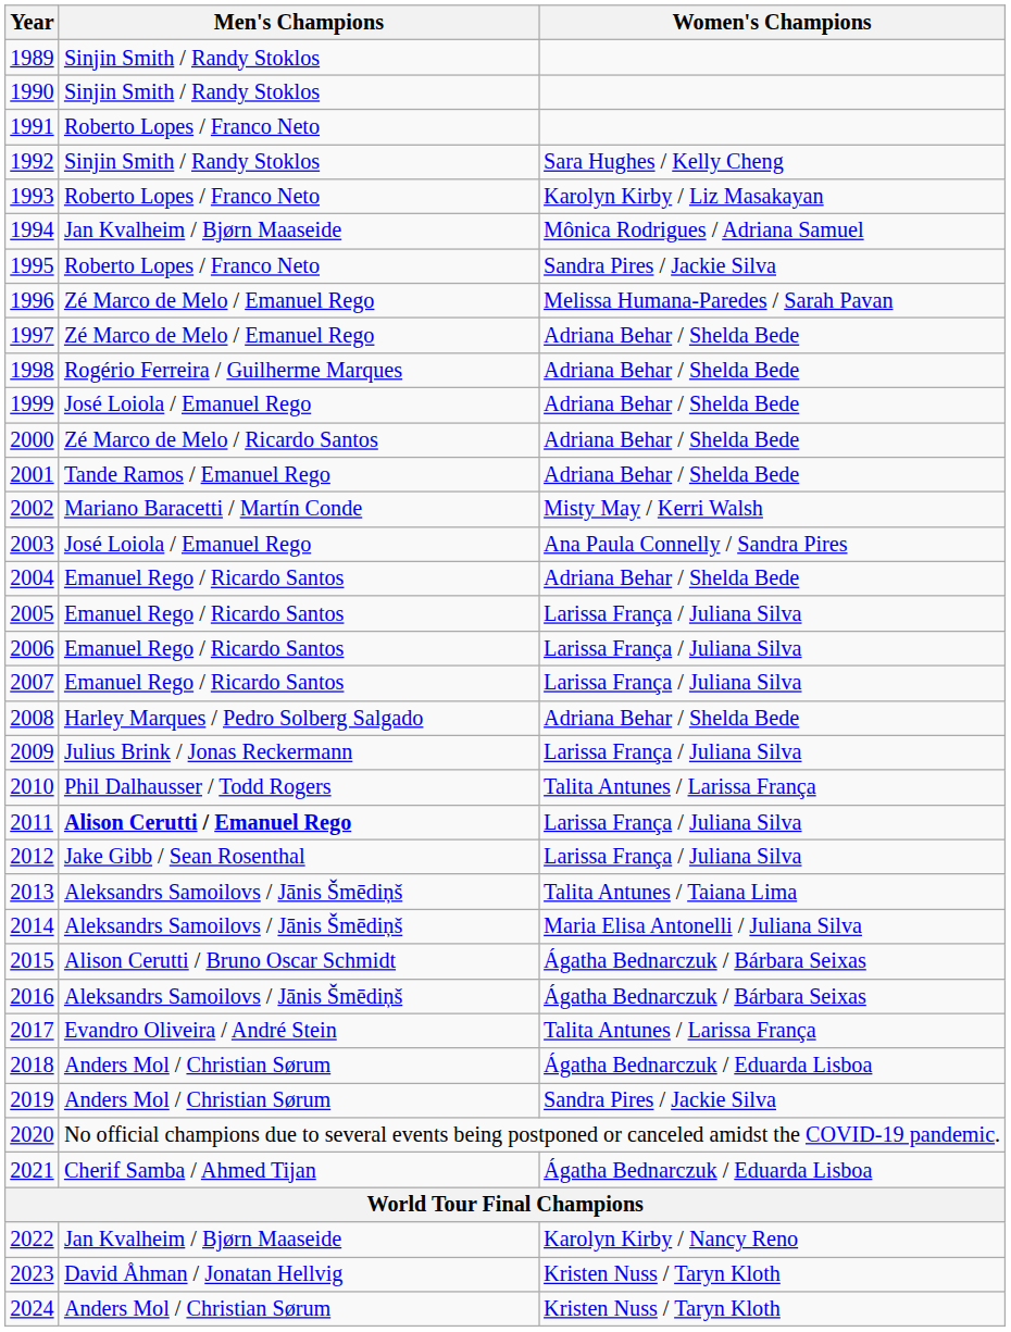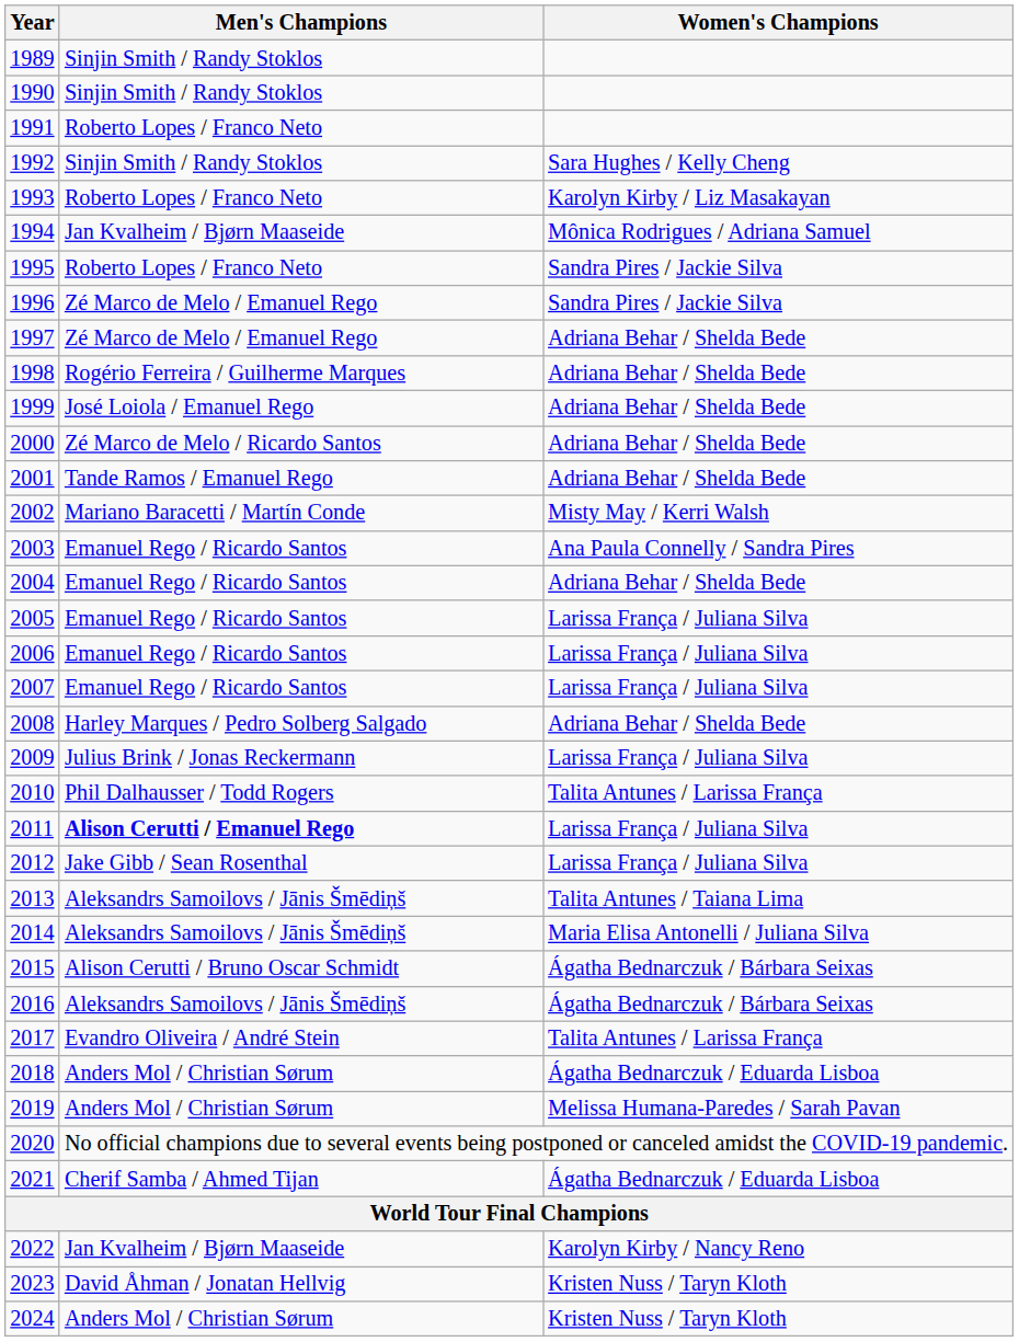 <table class="wikitable sortable" style="display:inline-table;">
 <tr>
 <th>Year</th>
 <th>Men's Champions</th>
 <th>Women's Champions</th>
 </tr>
 <tr>
 <td><a href='#'>1989</a></td>
 <td> <a href='#'>Sinjin Smith</a>  / <a href='#'>Randy Stoklos</a> </td>
 <td></td>
 </tr>
 <tr>
 <td><a href='#'>1990</a></td>
 <td> <a href='#'>Sinjin Smith</a>  / <a href='#'>Randy Stoklos</a> </td>
 <td></td>
 </tr>
 <tr>
 <td><a href='#'>1991</a></td>
 <td> <a href='#'>Roberto Lopes</a>  / <a href='#'>Franco Neto</a> </td>
 <td></td>
 </tr>
 <tr>
 <td><a href='#'>1992</a></td>
 <td> <a href='#'>Sinjin Smith</a>  / <a href='#'>Randy Stoklos</a> </td>
 <td> <a href='#'>Sara Hughes</a> / <a href='#'>Kelly Cheng</a></td>
 </tr>
 <tr>
 <td><a href='#'>1993</a></td>
 <td> <a href='#'>Roberto Lopes</a>  / <a href='#'>Franco Neto</a> </td>
 <td> <a href='#'>Karolyn Kirby</a>  / <a href='#'>Liz Masakayan</a></td>
 </tr>
 <tr>
 <td><a href='#'>1994</a></td>
 <td> <a href='#'>Jan Kvalheim</a> / <a href='#'>Bjørn Maaseide</a></td>
 <td> <a href='#'>Mônica Rodrigues</a> / <a href='#'>Adriana Samuel</a></td>
 </tr>
 <tr>
 <td><a href='#'>1995</a></td>
 <td> <a href='#'>Roberto Lopes</a>  / <a href='#'>Franco Neto</a> </td>
 <td> <a href='#'>Sandra Pires</a>  / <a href='#'>Jackie Silva</a> </td>
 </tr>
 <tr>
 <td><a href='#'>1996</a></td>
 <td> <a href='#'>Zé Marco de Melo</a>  / <a href='#'>Emanuel Rego</a> </td>
-<td> <a href='#'>Melissa Humana-Paredes</a> / <a href='#'>Sarah Pavan</a></td>
+<td> <a href='#'>Sandra Pires</a>  / <a href='#'>Jackie Silva</a> </td>
 </tr>
 <tr>
 <td><a href='#'>1997</a></td>
 <td> <a href='#'>Zé Marco de Melo</a>  / <a href='#'>Emanuel Rego</a> </td>
 <td> <a href='#'>Adriana Behar</a>  / <a href='#'>Shelda Bede</a> </td>
 </tr>
 <tr>
 <td><a href='#'>1998</a></td>
 <td> <a href='#'>Rogério Ferreira</a> / <a href='#'>Guilherme Marques</a></td>
 <td> <a href='#'>Adriana Behar</a>  / <a href='#'>Shelda Bede</a> </td>
 </tr>
 <tr>
 <td><a href='#'>1999</a></td>
 <td> <a href='#'>José Loiola</a> / <a href='#'>Emanuel Rego</a> </td>
 <td> <a href='#'>Adriana Behar</a>  / <a href='#'>Shelda Bede</a> </td>
 </tr>
 <tr>
 <td><a href='#'>2000</a></td>
 <td> <a href='#'>Zé Marco de Melo</a>  / <a href='#'>Ricardo Santos</a> </td>
 <td> <a href='#'>Adriana Behar</a>  / <a href='#'>Shelda Bede</a> </td>
 </tr>
 <tr>
 <td><a href='#'>2001</a></td>
 <td> <a href='#'>Tande Ramos</a> / <a href='#'>Emanuel Rego</a> </td>
 <td> <a href='#'>Adriana Behar</a>  / <a href='#'>Shelda Bede</a> </td>
 </tr>
 <tr>
 <td><a href='#'>2002</a></td>
 <td> <a href='#'>Mariano Baracetti</a> / <a href='#'>Martín Conde</a></td>
 <td> <a href='#'>Misty May</a> / <a href='#'>Kerri Walsh</a></td>
 </tr>
 <tr>
 <td><a href='#'>2003</a></td>
-<td> <a href='#'>José Loiola</a> / <a href='#'>Emanuel Rego</a> </td>
+<td> <a href='#'>Emanuel Rego</a>  / <a href='#'>Ricardo Santos</a> </td>
 <td> <a href='#'>Ana Paula Connelly</a>  / <a href='#'>Sandra Pires</a> </td>
 </tr>
 <tr>
 <td><a href='#'>2004</a></td>
 <td> <a href='#'>Emanuel Rego</a>  / <a href='#'>Ricardo Santos</a> </td>
 <td> <a href='#'>Adriana Behar</a>  / <a href='#'>Shelda Bede</a> </td>
 </tr>
 <tr>
 <td><a href='#'>2005</a></td>
 <td> <a href='#'>Emanuel Rego</a>  / <a href='#'>Ricardo Santos</a> </td>
 <td> <a href='#'>Larissa França</a>  / <a href='#'>Juliana Silva</a> </td>
 </tr>
 <tr>
 <td><a href='#'>2006</a></td>
 <td> <a href='#'>Emanuel Rego</a>  / <a href='#'>Ricardo Santos</a> </td>
 <td> <a href='#'>Larissa França</a>  / <a href='#'>Juliana Silva</a> </td>
 </tr>
 <tr>
 <td><a href='#'>2007</a></td>
 <td> <a href='#'>Emanuel Rego</a>  / <a href='#'>Ricardo Santos</a> </td>
 <td> <a href='#'>Larissa França</a>  / <a href='#'>Juliana Silva</a> </td>
 </tr>
 <tr>
 <td><a href='#'>2008</a></td>
 <td> <a href='#'>Harley Marques</a> / <a href='#'>Pedro Solberg Salgado</a></td>
 <td> <a href='#'>Adriana Behar</a>  / <a href='#'>Shelda Bede</a> </td>
 </tr>
 <tr>
 <td><a href='#'>2009</a></td>
 <td> <a href='#'>Julius Brink</a> / <a href='#'>Jonas Reckermann</a></td>
 <td> <a href='#'>Larissa França</a>  / <a href='#'>Juliana Silva</a> </td>
 </tr>
 <tr>
 <td><a href='#'>2010</a></td>
 <td> <a href='#'>Phil Dalhausser</a> / <a href='#'>Todd Rogers</a></td>
 <td> <a href='#'>Talita Antunes</a>  / <a href='#'>Larissa França</a> </td>
 </tr>
 <tr>
 <td><a href='#'>2011</a></td>
 <td><strong> <a href='#'>Alison Cerutti</a>  / <a href='#'>Emanuel Rego</a> </strong></td>
 <td> <a href='#'>Larissa França</a>  / <a href='#'>Juliana Silva</a> </td>
 </tr>
 <tr>
 <td><a href='#'>2012</a></td>
 <td> <a href='#'>Jake Gibb</a> / <a href='#'>Sean Rosenthal</a></td>
 <td> <a href='#'>Larissa França</a>  / <a href='#'>Juliana Silva</a> </td>
 </tr>
 <tr>
 <td><a href='#'>2013</a></td>
 <td> <a href='#'>Aleksandrs Samoilovs</a>  / <a href='#'>Jānis Šmēdiņš</a> </td>
 <td> <a href='#'>Talita Antunes</a>  / <a href='#'>Taiana Lima</a></td>
 </tr>
 <tr>
 <td><a href='#'>2014</a></td>
 <td> <a href='#'>Aleksandrs Samoilovs</a>  / <a href='#'>Jānis Šmēdiņš</a> </td>
 <td> <a href='#'>Maria Elisa Antonelli</a> / <a href='#'>Juliana Silva</a> </td>
 </tr>
 <tr>
 <td><a href='#'>2015</a></td>
 <td> <a href='#'>Alison Cerutti</a>  / <a href='#'>Bruno Oscar Schmidt</a></td>
 <td> <a href='#'>Ágatha Bednarczuk</a>  / <a href='#'>Bárbara Seixas</a></td>
 </tr>
 <tr>
 <td><a href='#'>2016</a></td>
 <td> <a href='#'>Aleksandrs Samoilovs</a>  / <a href='#'>Jānis Šmēdiņš</a> </td>
 <td> <a href='#'>Ágatha Bednarczuk</a>  / <a href='#'>Bárbara Seixas</a></td>
 </tr>
 <tr>
 <td><a href='#'>2017</a></td>
 <td> <a href='#'>Evandro Oliveira</a> / <a href='#'>André Stein</a></td>
 <td> <a href='#'>Talita Antunes</a>  / <a href='#'>Larissa França</a> </td>
 </tr>
 <tr>
 <td><a href='#'>2018</a></td>
 <td> <a href='#'>Anders Mol</a>  / <a href='#'>Christian Sørum</a> </td>
 <td> <a href='#'>Ágatha Bednarczuk</a>  / <a href='#'>Eduarda Lisboa</a></td>
 </tr>
 <tr>
 <td><a href='#'>2019</a></td>
 <td> <a href='#'>Anders Mol</a>  / <a href='#'>Christian Sørum</a> </td>
-<td> <a href='#'>Sandra Pires</a>  / <a href='#'>Jackie Silva</a> </td>
+<td> <a href='#'>Melissa Humana-Paredes</a> / <a href='#'>Sarah Pavan</a></td>
 </tr>
 <tr>
 <td><a href='#'>2020</a></td>
 <td colspan=2>No official champions due to several events being postponed or canceled amidst the <a href='#'>COVID-19 pandemic</a>.</td>
 </tr>
 <tr>
 <td><a href='#'>2021</a></td>
 <td> <a href='#'>Cherif Samba</a>  / <a href='#'>Ahmed Tijan</a> </td>
 <td> <a href='#'>Ágatha Bednarczuk</a>  / <a href='#'>Eduarda Lisboa</a> </td>
 </tr>
 <tr>
 <th colspan=3><strong>World Tour Final Champions</strong></th>
 </tr>
 <tr>
 <td><a href='#'>2022</a></td>
 <td> <a href='#'>Jan Kvalheim</a> / <a href='#'>Bjørn Maaseide</a></td>
 <td> <a href='#'>Karolyn Kirby</a>  / <a href='#'>Nancy Reno</a></td>
 </tr>
 <tr>
 <td><a href='#'>2023</a></td>
 <td> <a href='#'>David Åhman</a>  / <a href='#'>Jonatan Hellvig</a></td>
 <td> <a href='#'>Kristen Nuss</a> / <a href='#'>Taryn Kloth</a></td>
 </tr>
 <tr>
 <td><a href='#'>2024</a></td>
 <td> <a href='#'>Anders Mol</a>  / <a href='#'>Christian Sørum</a> </td>
 <td> <a href='#'>Kristen Nuss</a>  / <a href='#'>Taryn Kloth</a> </td>
 </tr>
 </table>
